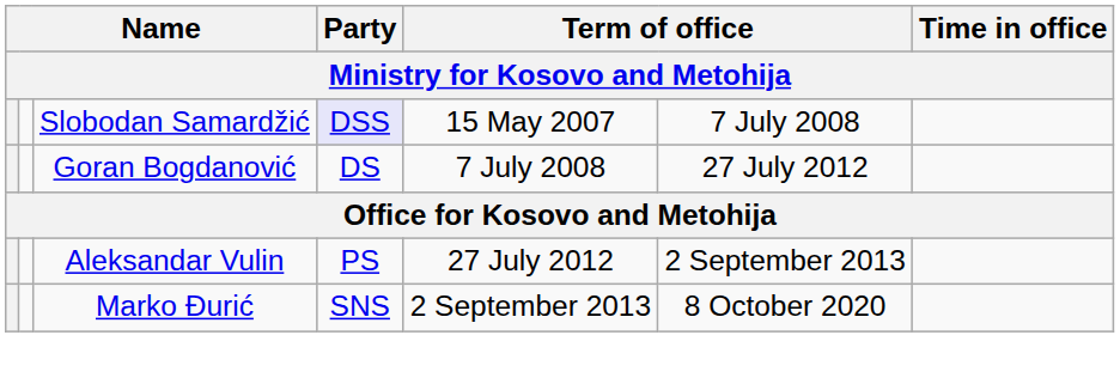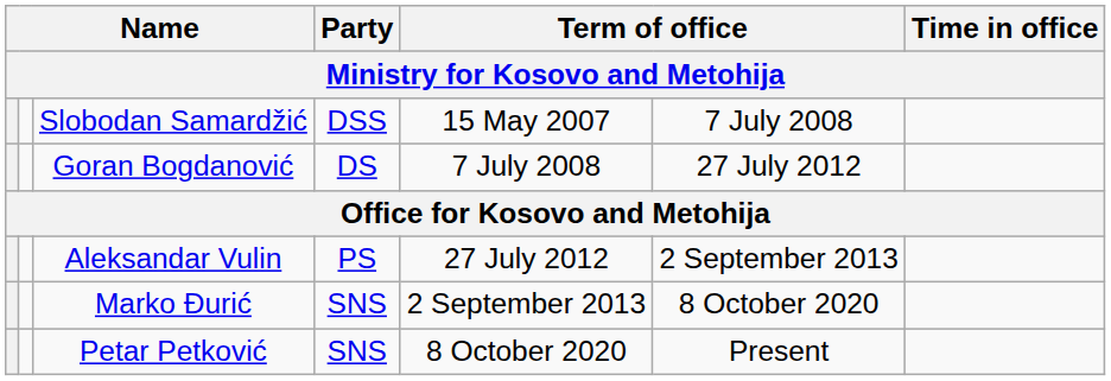 <table class="wikitable" style="text-align:center;">
 <tr>
 <th colspan="3">Name<br></th>
 <th>Party</th>
 <th colspan="2">Term of office</th>
 <th>Time in office</th>
 </tr>
 <tr>
 <th colspan="7"><a href='#'>Ministry for Kosovo and Metohija</a></th>
 </tr>
 <tr>
 <th style="background:"></th>
 <td></td>
 <td><a href='#'>Slobodan Samardžić</a><br></td>
-<td style="background: lavender;"><a href='#'>DSS</a></td>
+<td><a href='#'>DSS</a></td>
 <td>15 May 2007</td>
 <td>7 July 2008</td>
 <td></td>
 </tr>
 <tr>
 <th style="background:"></th>
 <td></td>
 <td><a href='#'>Goran Bogdanović</a><br></td>
 <td><a href='#'>DS</a></td>
 <td>7 July 2008</td>
 <td>27 July 2012</td>
 <td></td>
 </tr>
 <tr>
 <th colspan="7">Office for Kosovo and Metohija</th>
 </tr>
 <tr>
 <th style="background:"></th>
 <td></td>
 <td><a href='#'>Aleksandar Vulin</a><br></td>
 <td><a href='#'>PS</a></td>
 <td>27 July 2012</td>
 <td>2 September 2013</td>
 <td></td>
 </tr>
 <tr>
 <th style="background:"></th>
 <td></td>
 <td><a href='#'>Marko Đurić</a><br></td>
 <td><a href='#'>SNS</a></td>
 <td>2 September 2013</td>
 <td>8 October 2020</td>
 <td></td>
 </tr>
+<tr>
+<th style="background:"></th>
+<td></td>
+<td><a href='#'>Petar Petković</a><br></td>
+<td><a href='#'>SNS</a></td>
+<td>8 October 2020</td>
+<td>Present</td>
+<td></td>
+</tr>
 </table>
